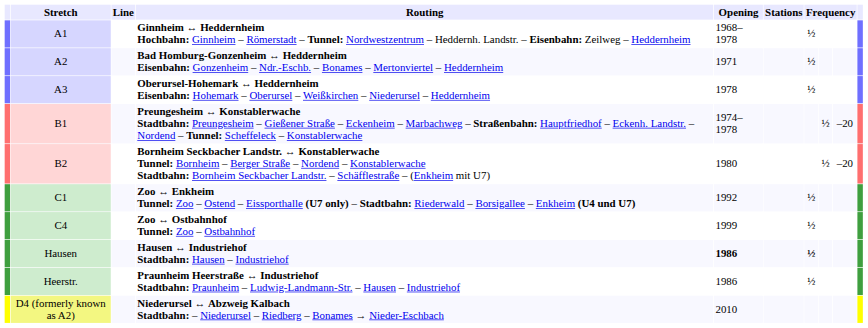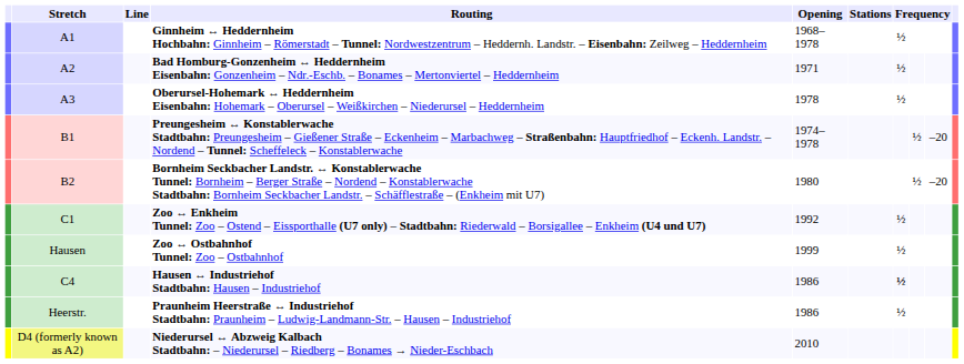 <table class="sortable" style="background: #FFFFFF; border: none; font-size: 100%; width: 100%;" cellpadding="2" cellspacing="1">
 <tr style="background: #E8E8FF; border: none;">
 <th class="unsortable"> </th>
 <th>Stretch</th>
 <th>Line</th>
 <th>Routing</th>
 <th>Opening<br></th>
 <th>Stations</th>
 <th colspan="3">Frequency</th>
 <th class="unsortable"> </th>
 </tr>
 <tr>
 <td style="background:#6F6FFF;"></td>
 <td style="background:#d6d6ff; text-align:center;">A1</td>
 <td style="text-align:center;font-size:111%"></td>
 <td><strong>Ginnheim</strong> ↔ <strong>Heddernheim</strong><br><strong>Hochbahn:</strong> <a href='#'>Ginnheim</a> – <a href='#'>Römerstadt</a> – <strong>Tunnel:</strong> <a href='#'>Nordwestzentrum</a> – Heddernh. Landstr. – <strong>Eisenbahn:</strong> Zeilweg – <a href='#'>Heddernheim</a></td>
 <td>1968–1978<br></td>
 <td style="text-align:right"><br> </td>
 <td style="text-align:center">½</td>
 <td style="text-align:center"></td>
 <td style="text-align:center"></td>
 <td style="background:#6F6FFF;"></td>
 </tr>
 <tr style="background:#F8F8FF;">
 <td style="background:#6F6FFF;"></td>
 <td style="background:#d6d6ff; text-align:center;">A2</td>
 <td style="text-align:center;font-size:111%"></td>
 <td><strong>Bad Homburg-Gonzenheim</strong> ↔ <strong>Heddernheim</strong><br><strong>Eisenbahn:</strong> <a href='#'>Gonzenheim</a> – <a href='#'>Ndr.-Eschb.</a> – <a href='#'>Bonames</a> – <a href='#'>Mertonviertel</a> – <a href='#'>Heddernheim</a></td>
 <td>1971<br></td>
 <td style="text-align:right"><br> </td>
 <td style="text-align:center">½</td>
 <td style="text-align:center"></td>
 <td style="text-align:center"></td>
 <td style="background:#6F6FFF;"></td>
 </tr>
 <tr>
 <td style="background:#6F6FFF;"></td>
 <td style="background:#d6d6ff; text-align:center;">A3</td>
 <td style="text-align:center;font-size:111%"></td>
 <td><strong>Oberursel-Hohemark</strong> ↔ <strong>Heddernheim</strong><br><strong>Eisenbahn:</strong> <a href='#'>Hohemark</a> – <a href='#'>Oberursel</a> – <a href='#'>Weißkirchen</a> – <a href='#'>Niederursel</a> – <a href='#'>Heddernheim</a></td>
 <td>1978<br></td>
 <td style="text-align:right"><br> </td>
 <td style="text-align:center">½</td>
 <td style="text-align:center"></td>
 <td style="text-align:center"></td>
 <td style="background:#6F6FFF;"></td>
 </tr>
 <tr style="background:#F8F8FF;">
 <td style="background:#FF6F6F;"></td>
 <td style="background:#ffd6d6; text-align:center;">B1</td>
 <td style="text-align:center;font-size:111%"></td>
 <td><strong>Preungesheim</strong> ↔ <strong>Konstablerwache</strong><br><strong>Stadtbahn:</strong> <a href='#'>Preungesheim</a> – <a href='#'>Gießener Straße</a> – <a href='#'>Eckenheim</a> – <a href='#'>Marbachweg</a> – <strong>Straßenbahn:</strong> <a href='#'>Hauptfriedhof</a> – <a href='#'>Eckenh. Landstr.</a> – <a href='#'>Nordend</a> – <strong>Tunnel:</strong> <a href='#'>Scheffeleck</a> – <a href='#'>Konstablerwache</a></td>
 <td>1974–1978<br></td>
 <td style="text-align:right"><br> </td>
 <td style="text-align:center"></td>
 <td style="text-align:center">½</td>
 <td style="text-align:center">–20</td>
 <td style="background:#FF6F6F;"></td>
 </tr>
 <tr>
 <td style="background:#FF6F6F;"></td>
 <td style="background:#ffd6d6; text-align:center;">B2</td>
 <td style="text-align:center;font-size:111%"></td>
 <td><strong>Bornheim Seckbacher Landstr.</strong> ↔ <strong>Konstablerwache</strong><br><strong>Tunnel:</strong> <a href='#'>Bornheim</a> – <a href='#'>Berger Straße</a> – <a href='#'>Nordend</a> – <a href='#'>Konstablerwache</a><br><strong>Stadtbahn: </strong><a href='#'>Bornheim Seckbacher Landstr.</a> – <a href='#'>Schäfflestraße</a> – (<a href='#'>Enkheim</a> mit U7)</td>
 <td>1980<br></td>
 <td style="text-align:right"><br> </td>
 <td style="text-align:center"></td>
 <td style="text-align:center">½</td>
 <td style="text-align:center">–20</td>
 <td style="background:#FF6F6F;"></td>
 </tr>
 <tr style="background:#F8F8FF;">
 <td style="background:#3F9F3F;"></td>
 <td style="background:#CEECCE; text-align:center;">C1<br></td>
 <td style="text-align:center;font-size:111%"><br></td>
 <td><strong>Zoo</strong> ↔ <strong>Enkheim</strong><br><strong>Tunnel:</strong> <a href='#'>Zoo</a> – <a href='#'>Ostend</a> – <a href='#'>Eissporthalle</a> <strong>(U7 only)</strong> – <strong>Stadtbahn:</strong> <a href='#'>Riederwald</a> – <a href='#'>Borsigallee</a> – <a href='#'>Enkheim</a> <strong>(U4 und U7)</strong></td>
 <td>1992<br></td>
 <td style="text-align:right"><br> </td>
 <td style="text-align:center">½</td>
 <td style="text-align:center"></td>
 <td style="text-align:center"></td>
 <td style="background:#3F9F3F;"></td>
 </tr>
 <tr>
 <td style="background:#3F9F3F;"></td>
-<td style="background:#CEECCE; text-align:center;">C4<br></td>
+<td style="background:#CEECCE; text-align:center;">Hausen</td>
 <td style="text-align:center;font-size:111%"></td>
 <td><strong>Zoo</strong> ↔ <strong>Ostbahnhof</strong><br><strong>Tunnel:</strong> <a href='#'>Zoo</a> – <a href='#'>Ostbahnhof</a></td>
 <td>1999<br></td>
 <td style="text-align:right"><br> </td>
 <td style="text-align:center">½</td>
 <td style="text-align:center"></td>
 <td style="text-align:center"></td>
 <td style="background:#3F9F3F;"></td>
 </tr>
 <tr style="background:#F8F8FF;">
 <td style="background:#3F9F3F;"></td>
-<td style="background:#CEECCE; text-align:center;">Hausen</td>
+<td style="background:#CEECCE; text-align:center;">C4<br></td>
 <td style="text-align:center;font-size:111%"></td>
 <td><strong>Hausen</strong> ↔ <strong>Industriehof</strong><br><strong>Stadtbahn:</strong> <a href='#'>Hausen</a> – <a href='#'>Industriehof</a></td>
-<td><strong>1986<br></strong></td>
+<td>1986<br></td>
 <td style="text-align:right"><br> </td>
 <td style="text-align:center"><strong>½</strong></td>
 <td style="text-align:center"></td>
 <td style="text-align:center"></td>
 <td style="background:#3F9F3F;"></td>
 </tr>
 <tr>
 <td style="background:#3F9F3F;"></td>
 <td style="background:#CEECCE; text-align:center;">Heerstr.</td>
 <td style="text-align:center;font-size:111%"></td>
 <td><strong>Praunheim Heerstraße</strong> ↔ <strong>Industriehof</strong><br><strong>Stadtbahn:</strong> <a href='#'>Praunheim</a> – <a href='#'>Ludwig-Landmann-Str.</a> – <a href='#'>Hausen</a> – <a href='#'>Industriehof</a></td>
 <td>1986<br></td>
 <td style="text-align:right"><br> </td>
 <td style="text-align:center">½</td>
 <td style="text-align:center"></td>
 <td style="text-align:center"></td>
 <td style="background:#3F9F3F;"></td>
 </tr>
 <tr style="background:#F8F8FF;">
 <td style="background:#FFFF00;"></td>
 <td style="background:#F3F781; text-align:center;">D4 (formerly known as A2)</td>
 <td style="text-align:center;font-size:111%"><br></td>
 <td><strong>Niederursel</strong> ↔ <strong>Abzweig Kalbach</strong><br><strong>Stadtbahn:</strong> – <a href='#'>Niederursel</a> – <a href='#'>Riedberg</a> – <a href='#'>Bonames</a> → <a href='#'>Nieder-Eschbach</a></td>
 <td>2010</td>
 <td style="text-align:right"></td>
 <td style="text-align:center"></td>
 <td style="text-align:center"></td>
 <td style="text-align:center"></td>
 <td style="background:#FFFF00;"></td>
 </tr>
 </table>
